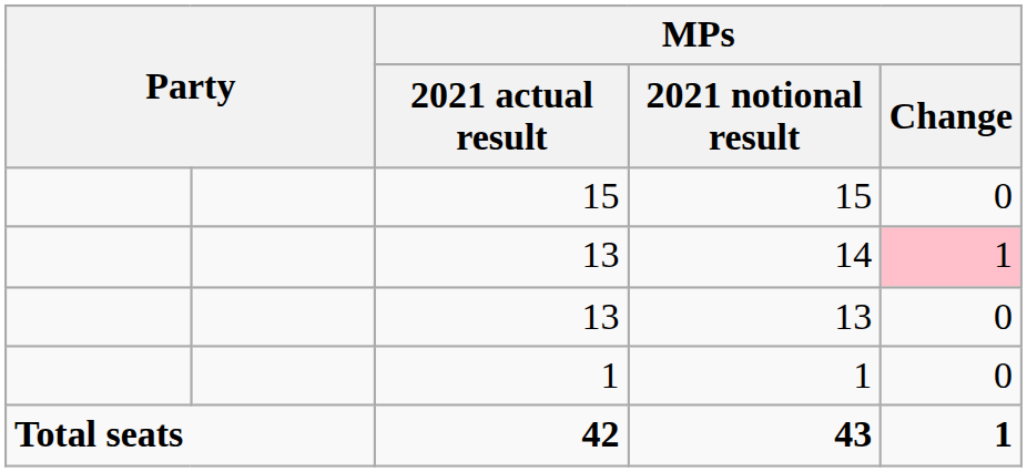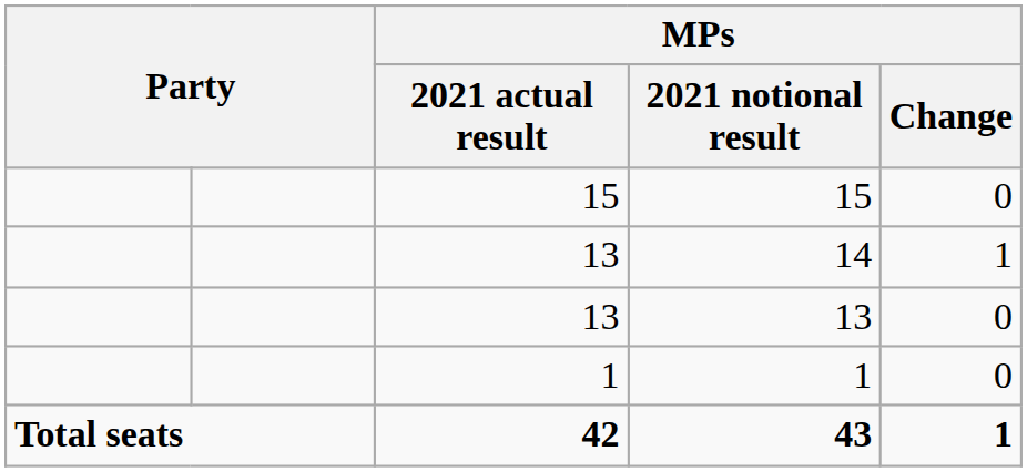 <table class="wikitable" style="text-align:right;">
 <tr>
 <th colspan="2" rowspan="2" class=unsortable style="text-align: center; vertical-align: middle; width: 150px;">Party</th>
 <th colspan="3" style="vertical-align: top;">MPs</th>
 </tr>
 <tr>
 <th data-sort-type=number style="width: 100px;">2021 actual result</th>
 <th data-sort-type=number style="width: 100px;">2021 notional result</th>
 <th data-sort-type=number style="width: 50px;">Change</th>
 </tr>
 <tr>
 <td style="background:"></td>
 <td style="text-align:left"></td>
 <td>15</td>
 <td>15</td>
 <td> 0</td>
 </tr>
 <tr>
 <td style="background:"></td>
 <td style="text-align:left"></td>
 <td>13</td>
 <td>14</td>
-<td style="background: pink;"> 1</td>
+<td> 1</td>
 </tr>
 <tr>
 <td style="background:"></td>
 <td style="text-align:left"></td>
 <td>13</td>
 <td>13</td>
 <td> 0</td>
 </tr>
 <tr>
 <td style="background:"></td>
 <td style="text-align:left"></td>
 <td>1</td>
 <td>1</td>
 <td> 0</td>
 </tr>
 <tr>
 <td style="text-align: left;" colspan="2"><strong>Total seats</strong></td>
 <td><strong>42</strong></td>
 <td><strong>43</strong></td>
 <td><strong>1</strong> </td>
 </tr>
 </table>
